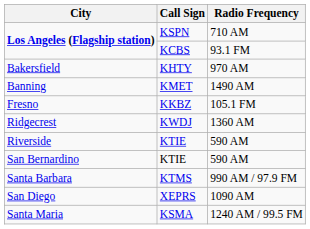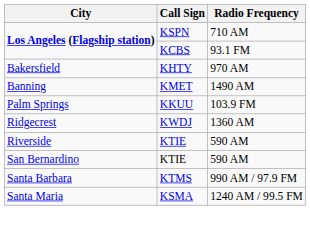 <table class="wikitable">
 <tr>
 <th>City</th>
 <th>Call Sign</th>
 <th>Radio Frequency</th>
 </tr>
 <tr>
 <td rowspan=2><strong><a href='#'>Los Angeles</a></strong> <strong>(<a href='#'>Flagship station</a>)</strong></td>
 <td><a href='#'>KSPN</a></td>
 <td>710 AM</td>
 </tr>
 <tr>
 <td><a href='#'>KCBS</a></td>
 <td>93.1 FM</td>
 </tr>
 <tr>
 <td><a href='#'>Bakersfield</a></td>
 <td><a href='#'>KHTY</a></td>
 <td>970 AM</td>
 </tr>
 <tr>
 <td><a href='#'>Banning</a></td>
 <td><a href='#'>KMET</a></td>
 <td>1490 AM</td>
 </tr>
 <tr>
-<td><a href='#'>Fresno</a></td>
-<td><a href='#'>KKBZ</a></td>
-<td>105.1 FM</td>
+<td><a href='#'>Palm Springs</a></td>
+<td><a href='#'>KKUU</a></td>
+<td>103.9 FM</td>
 </tr>
 <tr>
 <td><a href='#'>Ridgecrest</a></td>
 <td><a href='#'>KWDJ</a></td>
 <td>1360 AM</td>
 </tr>
 <tr>
 <td><a href='#'>Riverside</a></td>
 <td><a href='#'>KTIE</a></td>
 <td>590 AM</td>
 </tr>
 <tr>
 <td><a href='#'>San Bernardino</a></td>
 <td>KTIE</td>
 <td>590 AM</td>
 </tr>
 <tr>
 <td><a href='#'>Santa Barbara</a></td>
 <td><a href='#'>KTMS</a></td>
 <td>990 AM / 97.9 FM</td>
 </tr>
 <tr>
-<td><a href='#'>San Diego</a></td>
-<td><a href='#'>XEPRS</a></td>
-<td>1090 AM</td>
-</tr>
-<tr>
 <td><a href='#'>Santa Maria</a></td>
 <td><a href='#'>KSMA</a></td>
 <td>1240 AM / 99.5 FM</td>
 </tr>
 </table>
